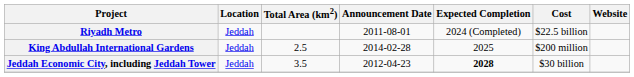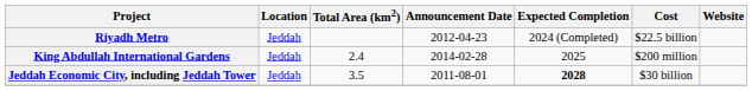 <table class="wikitable sortable" style="text-align:center;">
 <tr>
 <th>Project</th>
 <th>Location</th>
 <th>Total Area (km<sup>2</sup>)</th>
 <th>Announcement Date</th>
 <th>Expected Completion</th>
 <th>Cost</th>
 <th>Website</th>
 </tr>
 <tr>
 <th><a href='#'>Riyadh Metro</a></th>
 <td><a href='#'>Jeddah</a></td>
 <td></td>
-<td>2011-08-01</td>
+<td>2012-04-23</td>
 <td>2024 (Completed)</td>
 <td>$22.5 billion</td>
 <td></td>
 </tr>
 <tr>
 <th><a href='#'>King Abdullah International Gardens</a></th>
 <td><a href='#'>Jeddah</a></td>
-<td>2.5</td>
+<td>2.4</td>
 <td>2014-02-28</td>
 <td>2025</td>
 <td>$200 million</td>
 <td></td>
 </tr>
 <tr>
 <th><a href='#'>Jeddah Economic City</a>, including <a href='#'>Jeddah Tower</a></th>
 <td><a href='#'>Jeddah</a></td>
 <td>3.5</td>
-<td>2012-04-23</td>
+<td>2011-08-01</td>
 <td><strong>2028</strong></td>
 <td>$30 billion</td>
 <td></td>
 </tr>
 <tr>
 </tr>
 </table>
